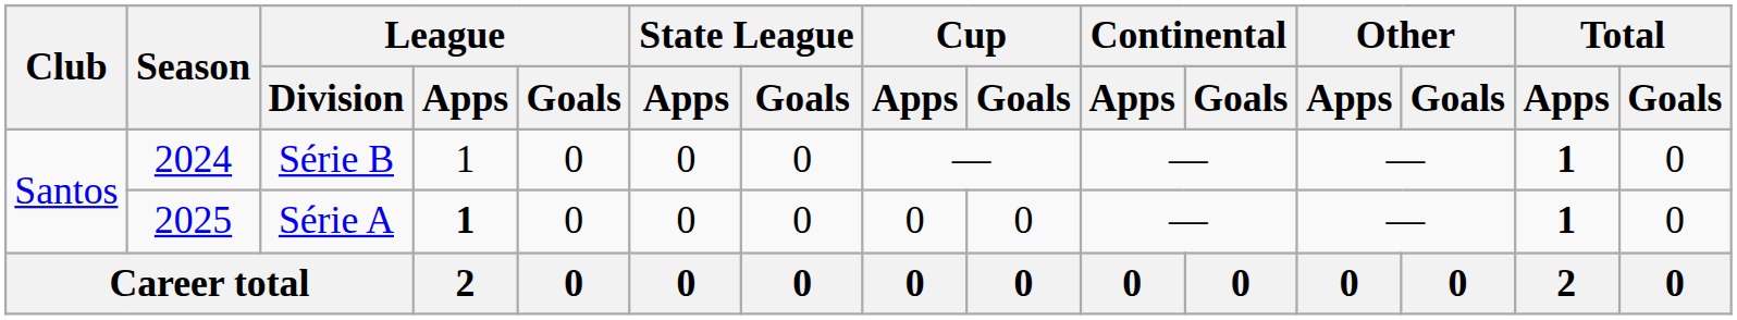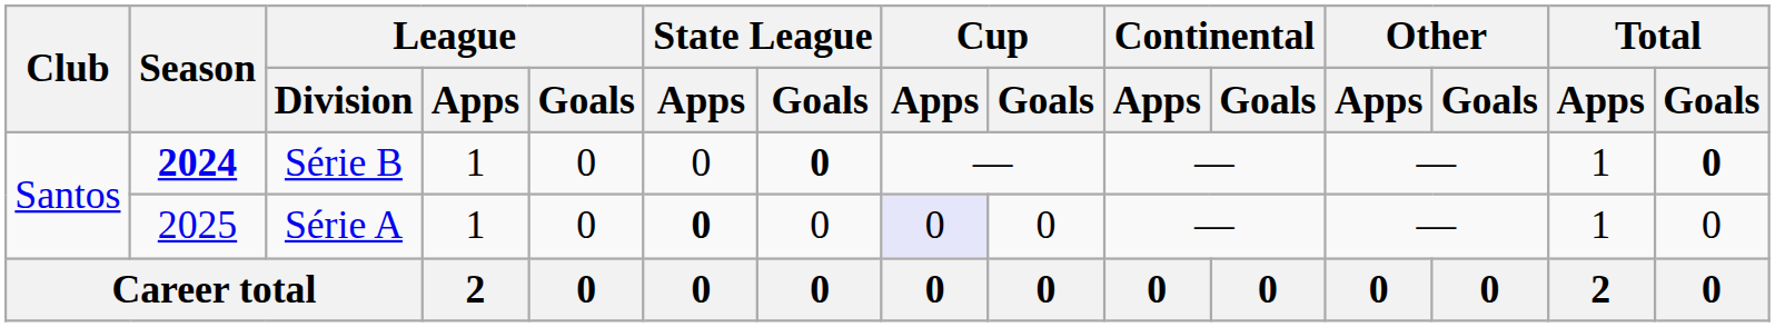 <table class="wikitable" style="text-align: center">
 <tr>
 <th rowspan="2">Club</th>
 <th rowspan="2">Season</th>
 <th colspan="3">League</th>
 <th colspan="2">State League</th>
 <th colspan="2">Cup</th>
 <th colspan="2">Continental</th>
 <th colspan="2">Other</th>
 <th colspan="2">Total</th>
 </tr>
 <tr>
 <th>Division</th>
 <th>Apps</th>
 <th>Goals</th>
 <th>Apps</th>
 <th>Goals</th>
 <th>Apps</th>
 <th>Goals</th>
 <th>Apps</th>
 <th>Goals</th>
 <th>Apps</th>
 <th>Goals</th>
 <th>Apps</th>
 <th>Goals</th>
 </tr>
 <tr>
 <td rowspan="2"><a href='#'>Santos</a></td>
-<td><a href='#'>2024</a></td>
+<td><strong><a href='#'>2024</a></strong></td>
 <td><a href='#'>Série B</a></td>
 <td>1</td>
 <td>0</td>
 <td>0</td>
-<td>0</td>
+<td><strong>0</strong></td>
 <td colspan="2">—</td>
 <td colspan="2">—</td>
 <td colspan="2">—</td>
-<td><strong>1</strong></td>
-<td>0</td>
+<td>1</td>
+<td><strong>0</strong></td>
 </tr>
 <tr>
 <td><a href='#'>2025</a></td>
 <td><a href='#'>Série A</a></td>
-<td><strong>1</strong></td>
+<td>1</td>
 <td>0</td>
+<td><strong>0</strong></td>
 <td>0</td>
-<td>0</td>
-<td>0</td>
+<td style="background: lavender;">0</td>
 <td>0</td>
 <td colspan="2">—</td>
 <td colspan="2">—</td>
-<td><strong>1</strong></td>
+<td>1</td>
 <td>0</td>
 </tr>
 <tr>
 <th colspan="3"><strong>Career total</strong></th>
 <th>2</th>
 <th>0</th>
 <th>0</th>
 <th>0</th>
 <th>0</th>
 <th>0</th>
 <th>0</th>
 <th>0</th>
 <th>0</th>
 <th>0</th>
 <th>2</th>
 <th>0</th>
 </tr>
 </table>
